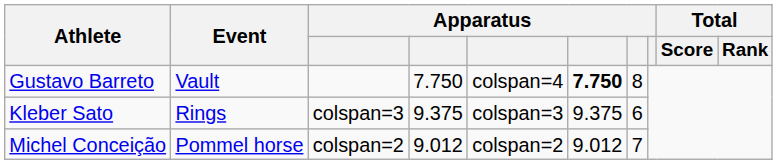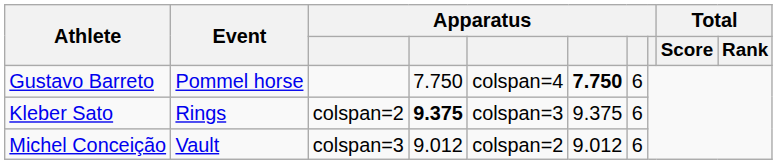 <table class=wikitable style=font-size:90%;text-align:center>
 <tr>
 <th rowspan=2>Athlete</th>
 <th rowspan=2>Event</th>
 <th colspan=6>Apparatus</th>
 <th colspan=2>Total</th>
 </tr>
 <tr style=font-size:95%>
 <th></th>
 <th></th>
 <th></th>
 <th></th>
 <th></th>
 <th></th>
 <th>Score</th>
 <th>Rank</th>
 </tr>
 <tr>
 <td align=left><a href='#'>Gustavo Barreto</a></td>
-<td align=left><a href='#'>Vault</a></td>
+<td align=left><a href='#'>Pommel horse</a></td>
 <td></td>
 <td>7.750</td>
 <td>colspan=4</td>
 <td><strong>7.750</strong></td>
-<td>8</td>
+<td>6</td>
 </tr>
 <tr>
 <td align=left><a href='#'>Kleber Sato</a></td>
 <td align=left><a href='#'>Rings</a></td>
-<td>colspan=3</td>
-<td>9.375</td>
+<td>colspan=2 </td>
+<td><strong>9.375</strong></td>
 <td>colspan=3 </td>
 <td>9.375</td>
 <td>6</td>
 </tr>
 <tr>
 <td align=left><a href='#'>Michel Conceição</a></td>
-<td align=left><a href='#'>Pommel horse</a></td>
-<td>colspan=2 </td>
+<td align=left><a href='#'>Vault</a></td>
+<td>colspan=3</td>
 <td>9.012</td>
 <td>colspan=2</td>
 <td>9.012</td>
-<td>7</td>
+<td>6</td>
 </tr>
 </table>
